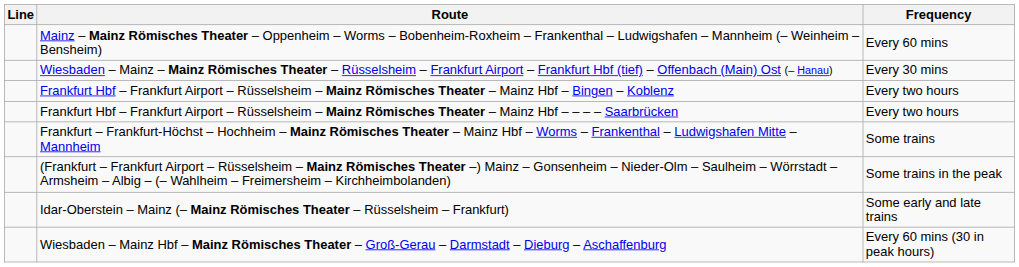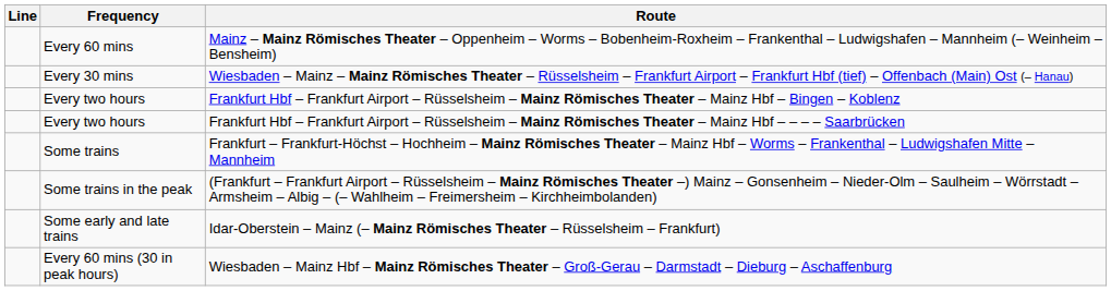 <table class="wikitable">
 <tr>
 <th>Line</th>
+<th>Frequency</th>
 <th>Route</th>
-<th>Frequency</th>
 </tr>
 <tr>
 <td></td>
+<td>Every 60 mins</td>
 <td><a href='#'>Mainz</a> – <strong>Mainz Römisches Theater</strong> – Oppenheim – Worms – Bobenheim-Roxheim – Frankenthal – Ludwigshafen – Mannheim (– Weinheim – Bensheim)</td>
-<td>Every 60 mins</td>
 </tr>
 <tr>
 <td></td>
+<td>Every 30 mins</td>
 <td><a href='#'>Wiesbaden</a> – Mainz – <strong>Mainz Römisches Theater</strong> – <a href='#'>Rüsselsheim</a> – <a href='#'>Frankfurt Airport</a> – <a href='#'>Frankfurt Hbf (tief)</a> – <a href='#'>Offenbach (Main) Ost</a> <small>(– <a href='#'>Hanau</a>)</small></td>
-<td>Every 30 mins</td>
 </tr>
 <tr>
 <td></td>
+<td>Every two hours</td>
 <td><a href='#'>Frankfurt Hbf</a> – Frankfurt Airport – Rüsselsheim – <strong>Mainz Römisches Theater</strong> – Mainz Hbf – <a href='#'>Bingen</a> – <a href='#'>Koblenz</a></td>
-<td>Every two hours</td>
 </tr>
 <tr>
 <td></td>
+<td>Every two hours</td>
 <td>Frankfurt Hbf – Frankfurt Airport – Rüsselsheim – <strong>Mainz Römisches Theater</strong> – Mainz Hbf –  –  –  – <a href='#'>Saarbrücken</a></td>
-<td>Every two hours</td>
 </tr>
 <tr>
 <td></td>
+<td>Some trains</td>
 <td>Frankfurt – Frankfurt-Höchst – Hochheim – <strong>Mainz Römisches Theater</strong> – Mainz Hbf – <a href='#'>Worms</a> – <a href='#'>Frankenthal</a> – <a href='#'>Ludwigshafen Mitte</a> – <a href='#'>Mannheim</a></td>
-<td>Some trains</td>
 </tr>
 <tr>
 <td></td>
+<td>Some trains in the peak</td>
 <td>(Frankfurt – Frankfurt Airport – Rüsselsheim – <strong>Mainz Römisches Theater</strong> –) Mainz – Gonsenheim –  Nieder-Olm – Saulheim – Wörrstadt – Armsheim – Albig –  (– Wahlheim – Freimersheim – Kirchheimbolanden)</td>
-<td>Some trains in the peak</td>
 </tr>
 <tr>
 <td></td>
+<td>Some early and late trains</td>
 <td>Idar-Oberstein –  Mainz (– <strong>Mainz Römisches Theater</strong> – Rüsselsheim –  Frankfurt)</td>
-<td>Some early and late trains</td>
 </tr>
 <tr>
 <td></td>
+<td>Every 60 mins (30 in peak hours)</td>
 <td>Wiesbaden – Mainz Hbf – <strong>Mainz Römisches Theater</strong> – <a href='#'>Groß-Gerau</a> – <a href='#'>Darmstadt</a> – <a href='#'>Dieburg</a> – <a href='#'>Aschaffenburg</a></td>
-<td>Every 60 mins (30 in peak hours)</td>
 </tr>
 </table>
